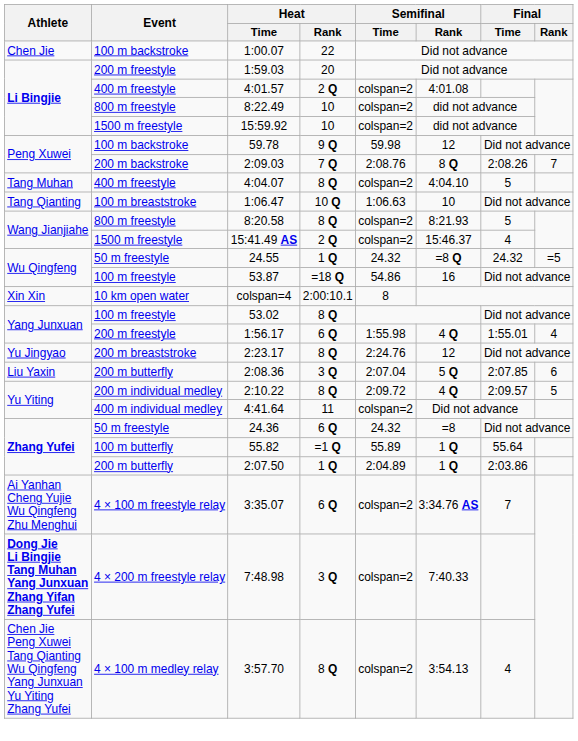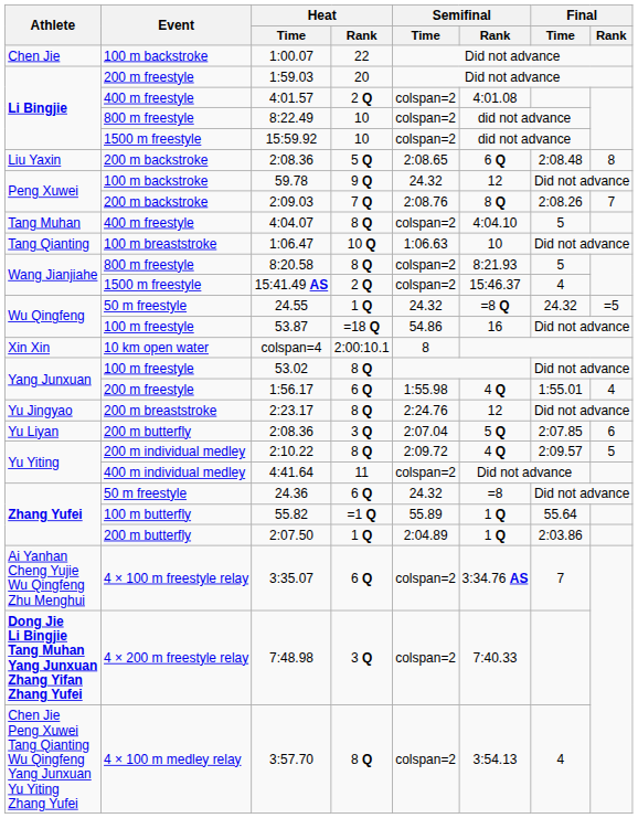 <table class=wikitable style="font-size:90%">
 <tr>
 <th rowspan="2">Athlete</th>
 <th rowspan="2">Event</th>
 <th colspan="2">Heat</th>
 <th colspan="2">Semifinal</th>
 <th colspan="2">Final</th>
 </tr>
 <tr style="font-size:95%">
 <th>Time</th>
 <th>Rank</th>
 <th>Time</th>
 <th>Rank</th>
 <th>Time</th>
 <th>Rank</th>
 </tr>
 <tr align=center>
 <td align=left><a href='#'>Chen Jie</a></td>
 <td align=left><a href='#'>100 m backstroke</a></td>
 <td>1:00.07</td>
 <td>22</td>
 <td colspan="4">Did not advance</td>
 </tr>
 <tr align=center>
 <td align=left rowspan=4><strong><a href='#'>Li Bingjie</a></strong></td>
 <td align=left><a href='#'>200 m freestyle</a></td>
 <td>1:59.03</td>
 <td>20</td>
 <td colspan="4">Did not advance</td>
 </tr>
 <tr align=center>
 <td align=left><a href='#'>400 m freestyle</a></td>
 <td>4:01.57</td>
 <td>2 <strong>Q</strong></td>
 <td>colspan=2 </td>
 <td>4:01.08</td>
 <td></td>
 </tr>
 <tr align=center>
 <td align=left><a href='#'>800 m freestyle</a></td>
 <td>8:22.49</td>
 <td>10</td>
 <td>colspan=2 </td>
 <td colspan="2">did not advance</td>
 </tr>
 <tr align=center>
 <td align=left><a href='#'>1500 m freestyle</a></td>
 <td>15:59.92</td>
 <td>10</td>
 <td>colspan=2 </td>
 <td colspan="2">did not advance</td>
 </tr>
 <tr align=center>
+<td align=left><a href='#'>Liu Yaxin</a></td>
+<td align=left><a href='#'>200 m backstroke</a></td>
+<td>2:08.36</td>
+<td>5 <strong>Q</strong></td>
+<td>2:08.65</td>
+<td>6 <strong>Q</strong></td>
+<td>2:08.48</td>
+<td>8</td>
+</tr>
+<tr align=center>
 <td align=left rowspan=2><a href='#'>Peng Xuwei</a></td>
 <td align=left><a href='#'>100 m backstroke</a></td>
 <td>59.78</td>
 <td>9 <strong>Q</strong></td>
-<td>59.98</td>
+<td>24.32</td>
 <td>12</td>
 <td colspan="2">Did not advance</td>
 </tr>
 <tr align=center>
 <td align=left><a href='#'>200 m backstroke</a></td>
 <td>2:09.03</td>
 <td>7 <strong>Q</strong></td>
 <td>2:08.76</td>
 <td>8 <strong>Q</strong></td>
 <td>2:08.26</td>
 <td>7</td>
 </tr>
 <tr align=center>
 <td align=left><a href='#'>Tang Muhan</a></td>
 <td align=left><a href='#'>400 m freestyle</a></td>
 <td>4:04.07</td>
 <td>8 <strong>Q</strong></td>
 <td>colspan=2 </td>
 <td>4:04.10</td>
 <td>5</td>
 </tr>
 <tr align=center>
 <td align=left><a href='#'>Tang Qianting</a></td>
 <td align=left><a href='#'>100 m breaststroke</a></td>
 <td>1:06.47</td>
 <td>10 <strong>Q</strong></td>
 <td>1:06.63</td>
 <td>10</td>
 <td colspan="2">Did not advance</td>
 </tr>
 <tr align=center>
 <td align=left rowspan=2><a href='#'>Wang Jianjiahe</a></td>
 <td align=left><a href='#'>800 m freestyle</a></td>
 <td>8:20.58</td>
 <td>8 <strong>Q</strong></td>
 <td>colspan=2 </td>
 <td>8:21.93</td>
 <td>5</td>
 </tr>
 <tr align=center>
 <td align=left><a href='#'>1500 m freestyle</a></td>
 <td>15:41.49 <strong><a href='#'>AS</a></strong></td>
 <td>2 <strong>Q</strong></td>
 <td>colspan=2 </td>
 <td>15:46.37</td>
 <td>4</td>
 </tr>
 <tr align=center>
 <td align=left rowspan=2><a href='#'>Wu Qingfeng</a></td>
 <td align=left><a href='#'>50 m freestyle</a></td>
 <td>24.55</td>
 <td>1 <strong>Q</strong></td>
 <td>24.32</td>
 <td>=8 <strong>Q</strong></td>
 <td>24.32</td>
 <td>=5</td>
 </tr>
 <tr align=center>
 <td align=left><a href='#'>100 m freestyle</a></td>
 <td>53.87</td>
 <td>=18 <strong>Q</strong></td>
 <td>54.86</td>
 <td>16</td>
 <td colspan="2">Did not advance</td>
 </tr>
 <tr align=center>
 <td align=left><a href='#'>Xin Xin</a></td>
 <td align=left><a href='#'>10 km open water</a></td>
 <td>colspan=4 </td>
 <td>2:00:10.1</td>
 <td>8</td>
 </tr>
 <tr align=center>
 <td align=left rowspan=2><a href='#'>Yang Junxuan</a></td>
 <td align=left><a href='#'>100 m freestyle</a></td>
 <td>53.02</td>
 <td>8 <strong>Q</strong></td>
 <td colspan=2></td>
 <td colspan="2">Did not advance</td>
 </tr>
 <tr align=center>
 <td align=left><a href='#'>200 m freestyle</a></td>
 <td>1:56.17</td>
 <td>6 <strong>Q</strong></td>
 <td>1:55.98</td>
 <td>4 <strong>Q</strong></td>
 <td>1:55.01</td>
 <td>4</td>
 </tr>
 <tr align=center>
 <td align=left><a href='#'>Yu Jingyao</a></td>
 <td align=left><a href='#'>200 m breaststroke</a></td>
 <td>2:23.17</td>
 <td>8 <strong>Q</strong></td>
 <td>2:24.76</td>
 <td>12</td>
 <td colspan="2">Did not advance</td>
 </tr>
 <tr align=center>
-<td align=left><a href='#'>Liu Yaxin</a></td>
+<td align=left><a href='#'>Yu Liyan</a></td>
 <td align=left><a href='#'>200 m butterfly</a></td>
 <td>2:08.36</td>
 <td>3 <strong>Q</strong></td>
 <td>2:07.04</td>
 <td>5 <strong>Q</strong></td>
 <td>2:07.85</td>
 <td>6</td>
 </tr>
 <tr align=center>
 <td align=left rowspan=2><a href='#'>Yu Yiting</a></td>
 <td align=left><a href='#'>200 m individual medley</a></td>
 <td>2:10.22</td>
 <td>8 <strong>Q</strong></td>
 <td>2:09.72</td>
 <td>4 <strong>Q</strong></td>
 <td>2:09.57</td>
 <td>5</td>
 </tr>
 <tr align=center>
 <td align=left><a href='#'>400 m individual medley</a></td>
 <td>4:41.64</td>
 <td>11</td>
 <td>colspan=2 </td>
 <td colspan="2">Did not advance</td>
 </tr>
 <tr align=center>
 <td align=left rowspan=3><strong><a href='#'>Zhang Yufei</a></strong></td>
 <td align=left><a href='#'>50 m freestyle</a></td>
 <td>24.36</td>
 <td>6 <strong>Q</strong></td>
 <td>24.32</td>
 <td>=8</td>
 <td colspan="2">Did not advance</td>
 </tr>
 <tr align=center>
 <td align=left><a href='#'>100 m butterfly</a></td>
 <td>55.82</td>
 <td>=1 <strong>Q</strong></td>
 <td>55.89</td>
 <td>1 <strong>Q</strong></td>
 <td>55.64</td>
 <td></td>
 </tr>
 <tr align=center>
 <td align=left><a href='#'>200 m butterfly</a></td>
 <td>2:07.50</td>
 <td>1 <strong>Q</strong></td>
 <td>2:04.89</td>
 <td>1 <strong>Q</strong></td>
 <td>2:03.86 </td>
 <td></td>
 </tr>
 <tr align=center>
 <td align=left><a href='#'>Ai Yanhan</a><br><a href='#'>Cheng Yujie</a><br><a href='#'>Wu Qingfeng</a><br><a href='#'>Zhu Menghui</a></td>
 <td align=left><a href='#'>4 × 100 m freestyle relay</a></td>
 <td>3:35.07</td>
 <td>6 <strong>Q</strong></td>
 <td>colspan=2 </td>
 <td>3:34.76 <strong><a href='#'>AS</a></strong></td>
 <td>7</td>
 </tr>
 <tr align=center>
 <td align=left><strong><a href='#'>Dong Jie</a><br><a href='#'>Li Bingjie</a><br><a href='#'>Tang Muhan</a><br><a href='#'>Yang Junxuan</a><br><a href='#'>Zhang Yifan</a><br><a href='#'>Zhang Yufei</a></strong></td>
 <td align=left><a href='#'>4 × 200 m freestyle relay</a></td>
 <td>7:48.98</td>
 <td>3 <strong>Q</strong></td>
 <td>colspan=2 </td>
 <td>7:40.33 </td>
 <td></td>
 </tr>
 <tr align=center>
 <td align=left><a href='#'>Chen Jie</a><br><a href='#'>Peng Xuwei</a><br><a href='#'>Tang Qianting</a><br><a href='#'>Wu Qingfeng</a><br><a href='#'>Yang Junxuan</a><br><a href='#'>Yu Yiting</a><br><a href='#'>Zhang Yufei</a></td>
 <td align=left><a href='#'>4 × 100 m medley relay</a></td>
 <td>3:57.70</td>
 <td>8 <strong>Q</strong></td>
 <td>colspan=2 </td>
 <td>3:54.13</td>
 <td>4</td>
 </tr>
 </table>
